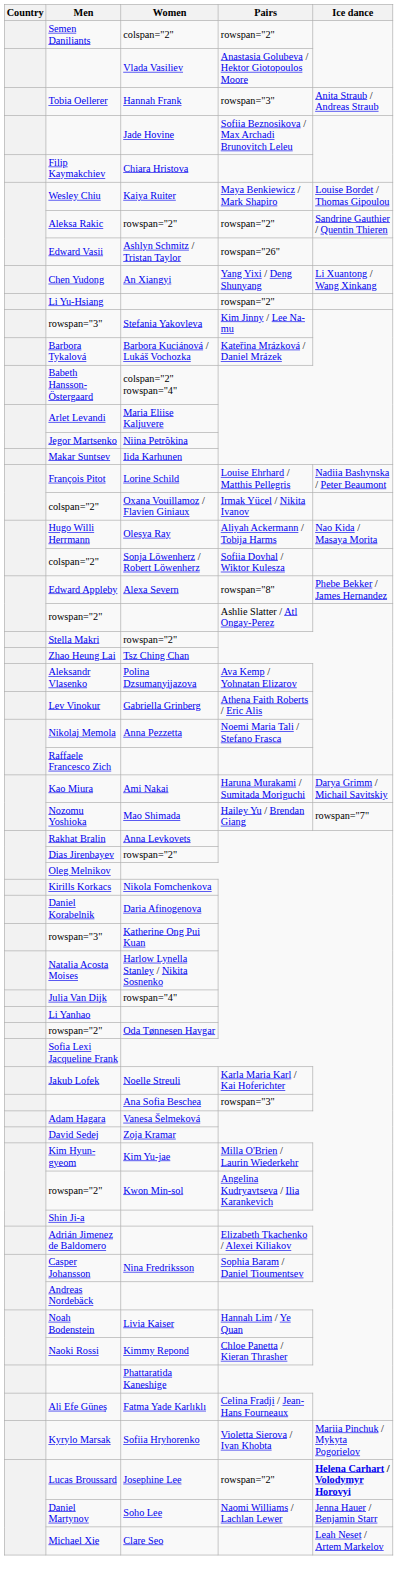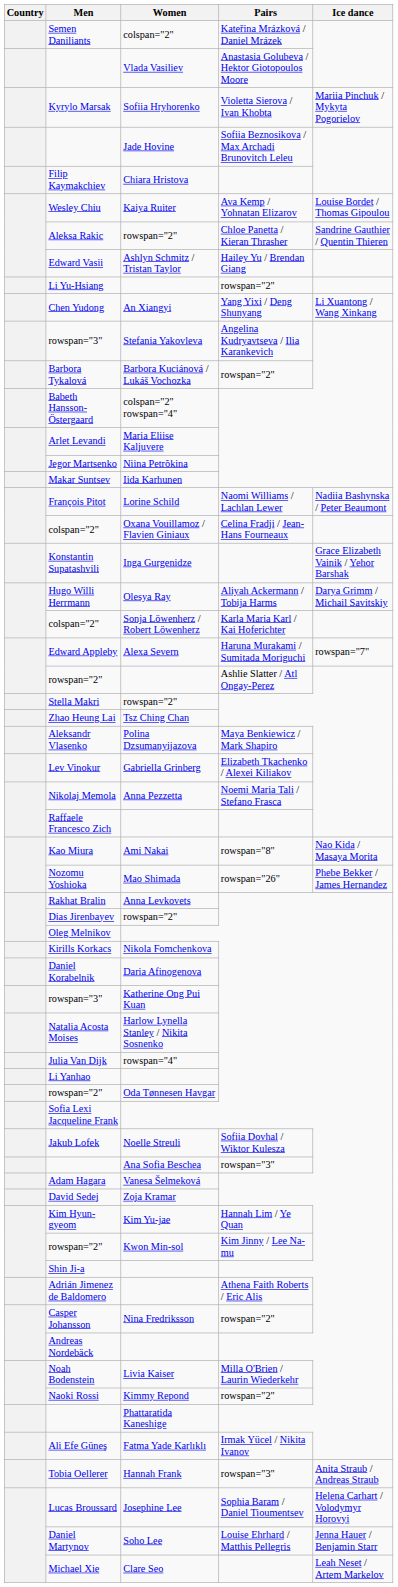 <table class="wikitable unsortable" style="text-align:left;">
 <tr>
 <th scope="col">Country</th>
 <th scope="col">Men</th>
 <th scope="col">Women</th>
 <th scope="col">Pairs</th>
 <th scope="col">Ice dance</th>
 </tr>
 <tr>
 <th scope="row" style="text-align:left"></th>
 <td><a href='#'>Semen Daniliants</a></td>
 <td>colspan="2" </td>
-<td>rowspan="2" </td>
+<td><a href='#'>Kateřina Mrázková</a> / <a href='#'>Daniel Mrázek</a></td>
 </tr>
 <tr>
 <th scope="row" style="text-align:left"></th>
 <td></td>
 <td><a href='#'>Vlada Vasiliev</a></td>
 <td><a href='#'>Anastasia Golubeva</a> / <a href='#'>Hektor Giotopoulos Moore</a></td>
 </tr>
 <tr>
 <th scope="row" style="text-align:left"></th>
-<td><a href='#'>Tobia Oellerer</a></td>
-<td><a href='#'>Hannah Frank</a></td>
-<td>rowspan="3" </td>
-<td><a href='#'>Anita Straub</a> / <a href='#'>Andreas Straub</a></td>
+<td><a href='#'>Kyrylo Marsak</a></td>
+<td><a href='#'>Sofiia Hryhorenko</a></td>
+<td><a href='#'>Violetta Sierova</a> / <a href='#'>Ivan Khobta</a></td>
+<td><a href='#'>Mariia Pinchuk</a> / <a href='#'>Mykyta Pogorielov</a></td>
 </tr>
 <tr>
 <th scope="row" style="text-align:left"></th>
 <td></td>
 <td><a href='#'>Jade Hovine</a></td>
 <td><a href='#'>Sofiia Beznosikova</a> / <a href='#'>Max Archadi Brunovitch Leleu</a></td>
 </tr>
 <tr>
 <th scope="row" style="text-align:left"></th>
 <td><a href='#'>Filip Kaymakchiev</a></td>
 <td><a href='#'>Chiara Hristova</a></td>
 <td></td>
 </tr>
 <tr>
 <th rowspan="3" scope="row" style="text-align:left"></th>
 <td><a href='#'>Wesley Chiu</a></td>
 <td><a href='#'>Kaiya Ruiter</a></td>
-<td><a href='#'>Maya Benkiewicz</a> / <a href='#'>Mark Shapiro</a></td>
+<td><a href='#'>Ava Kemp</a> / <a href='#'>Yohnatan Elizarov</a></td>
 <td><a href='#'>Louise Bordet</a> / <a href='#'>Thomas Gipoulou</a></td>
 </tr>
 <tr>
 <td><a href='#'>Aleksa Rakic</a></td>
 <td>rowspan="2" </td>
-<td>rowspan="2" </td>
+<td><a href='#'>Chloe Panetta</a> / <a href='#'>Kieran Thrasher</a></td>
 <td><a href='#'>Sandrine Gauthier</a> / <a href='#'>Quentin Thieren</a></td>
 </tr>
 <tr>
 <td><a href='#'>Edward Vasii</a></td>
 <td><a href='#'>Ashlyn Schmitz</a> / <a href='#'>Tristan Taylor</a></td>
-<td>rowspan="26" </td>
+<td><a href='#'>Hailey Yu</a> / <a href='#'>Brendan Giang</a></td>
+</tr>
+<tr>
+<th scope="row" style="text-align:left"></th>
+<td><a href='#'>Li Yu-Hsiang</a></td>
+<td></td>
+<td>rowspan="2" </td>
+<td></td>
 </tr>
 <tr>
 <th scope="row" style="text-align:left"></th>
 <td><a href='#'>Chen Yudong</a></td>
 <td><a href='#'>An Xiangyi</a></td>
 <td><a href='#'>Yang Yixi</a> / <a href='#'>Deng Shunyang</a></td>
 <td><a href='#'>Li Xuantong</a> / <a href='#'>Wang Xinkang</a></td>
 </tr>
 <tr>
 <th scope="row" style="text-align:left"></th>
-<td><a href='#'>Li Yu-Hsiang</a></td>
-<td></td>
-<td>rowspan="2" </td>
-<td></td>
-</tr>
-<tr>
-<th scope="row" style="text-align:left"></th>
 <td>rowspan="3" </td>
 <td><a href='#'>Stefania Yakovleva</a></td>
-<td><a href='#'>Kim Jinny</a> / <a href='#'>Lee Na-mu</a></td>
+<td><a href='#'>Angelina Kudryavtseva</a> / <a href='#'>Ilia Karankevich</a></td>
 </tr>
 <tr>
 <th scope="row" style="text-align:left"></th>
 <td><a href='#'>Barbora Tykalová</a></td>
 <td><a href='#'>Barbora Kuciánová</a> / <a href='#'>Lukáš Vochozka</a></td>
-<td><a href='#'>Kateřina Mrázková</a> / <a href='#'>Daniel Mrázek</a></td>
+<td>rowspan="2" </td>
 </tr>
 <tr>
 <th scope="row" style="text-align:left"></th>
 <td><a href='#'>Babeth Hansson-Östergaard</a></td>
 <td>colspan="2" rowspan="4" </td>
 </tr>
 <tr>
 <th rowspan="2" scope="row" style="text-align:left"></th>
 <td><a href='#'>Arlet Levandi</a></td>
 <td><a href='#'>Maria Eliise Kaljuvere</a></td>
 </tr>
 <tr>
 <td><a href='#'>Jegor Martsenko</a></td>
 <td><a href='#'>Niina Petrõkina</a></td>
 </tr>
 <tr>
 <th scope="row" style="text-align:left"></th>
 <td><a href='#'>Makar Suntsev</a></td>
 <td><a href='#'>Iida Karhunen</a></td>
 </tr>
 <tr>
 <th rowspan="2" scope="row" style="text-align:left"></th>
 <td><a href='#'>François Pitot</a></td>
 <td><a href='#'>Lorine Schild</a></td>
-<td><a href='#'>Louise Ehrhard</a> / <a href='#'>Matthis Pellegris</a></td>
+<td><a href='#'>Naomi Williams</a> / <a href='#'>Lachlan Lewer</a></td>
 <td><a href='#'>Nadiia Bashynska</a> / <a href='#'>Peter Beaumont</a></td>
 </tr>
 <tr>
 <td>colspan="2" </td>
 <td><a href='#'>Oxana Vouillamoz</a> / <a href='#'>Flavien Giniaux</a></td>
-<td><a href='#'>Irmak Yücel</a> / <a href='#'>Nikita Ivanov</a></td>
+<td><a href='#'>Celina Fradji</a> / <a href='#'>Jean-Hans Fourneaux</a></td>
+</tr>
+<tr>
+<th scope="row" style="text-align:left"></th>
+<td><a href='#'>Konstantin Supatashvili</a></td>
+<td><a href='#'>Inga Gurgenidze</a></td>
+<td></td>
+<td><a href='#'>Grace Elizabeth Vainik</a> / <a href='#'>Yehor Barshak</a></td>
 </tr>
 <tr>
 <th rowspan="2" scope="row" style="text-align:left"></th>
 <td><a href='#'>Hugo Willi Herrmann</a></td>
 <td><a href='#'>Olesya Ray</a></td>
 <td><a href='#'>Aliyah Ackermann</a> / <a href='#'>Tobija Harms</a></td>
-<td><a href='#'>Nao Kida</a> / <a href='#'>Masaya Morita</a></td>
+<td><a href='#'>Darya Grimm</a> / <a href='#'>Michail Savitskiy</a></td>
 </tr>
 <tr>
 <td>colspan="2" </td>
 <td><a href='#'>Sonja Löwenherz</a> / <a href='#'>Robert Löwenherz</a></td>
-<td><a href='#'>Sofiia Dovhal</a> / <a href='#'>Wiktor Kulesza</a></td>
+<td><a href='#'>Karla Maria Karl</a> / <a href='#'>Kai Hoferichter</a></td>
 </tr>
 <tr>
 <th rowspan="2" scope="row" style="text-align:left"></th>
 <td><a href='#'>Edward Appleby</a></td>
 <td><a href='#'>Alexa Severn</a></td>
-<td>rowspan="8" </td>
-<td><a href='#'>Phebe Bekker</a> / <a href='#'>James Hernandez</a></td>
+<td><a href='#'>Haruna Murakami</a> / <a href='#'>Sumitada Moriguchi</a></td>
+<td>rowspan="7" </td>
 </tr>
 <tr>
 <td>rowspan="2" </td>
 <td></td>
 <td>Ashlie Slatter / <a href='#'>Atl Ongay-Perez</a></td>
 </tr>
 <tr>
 <th scope="row" style="text-align:left"></th>
 <td><a href='#'>Stella Makri</a></td>
 <td>rowspan="2" </td>
 </tr>
 <tr>
 <th scope="row" style="text-align:left"></th>
 <td><a href='#'>Zhao Heung Lai</a></td>
 <td><a href='#'>Tsz Ching Chan</a></td>
 </tr>
 <tr>
 <th scope="row" style="text-align:left"></th>
 <td><a href='#'>Aleksandr Vlasenko</a></td>
 <td><a href='#'>Polina Dzsumanyijazova</a></td>
-<td><a href='#'>Ava Kemp</a> / <a href='#'>Yohnatan Elizarov</a></td>
+<td><a href='#'>Maya Benkiewicz</a> / <a href='#'>Mark Shapiro</a></td>
 </tr>
 <tr>
 <th scope="row" style="text-align:left"></th>
 <td><a href='#'>Lev Vinokur</a></td>
 <td><a href='#'>Gabriella Grinberg</a></td>
-<td><a href='#'>Athena Faith Roberts</a> / <a href='#'>Eric Alis</a></td>
+<td><a href='#'>Elizabeth Tkachenko</a> / <a href='#'>Alexei Kiliakov</a></td>
 </tr>
 <tr>
 <th rowspan="2" scope="row" style="text-align:left"></th>
 <td><a href='#'>Nikolaj Memola</a></td>
 <td><a href='#'>Anna Pezzetta</a></td>
 <td><a href='#'>Noemi Maria Tali</a> / <a href='#'>Stefano Frasca</a></td>
 </tr>
 <tr>
 <td><a href='#'>Raffaele Francesco Zich</a></td>
 <td></td>
 <td></td>
 </tr>
 <tr>
 <th rowspan="2" scope="row" style="text-align:left"></th>
 <td><a href='#'>Kao Miura</a></td>
 <td><a href='#'>Ami Nakai</a></td>
-<td><a href='#'>Haruna Murakami</a> / <a href='#'>Sumitada Moriguchi</a></td>
-<td><a href='#'>Darya Grimm</a> / <a href='#'>Michail Savitskiy</a></td>
+<td>rowspan="8" </td>
+<td><a href='#'>Nao Kida</a> / <a href='#'>Masaya Morita</a></td>
 </tr>
 <tr>
 <td><a href='#'>Nozomu Yoshioka</a></td>
 <td><a href='#'>Mao Shimada</a></td>
-<td><a href='#'>Hailey Yu</a> / <a href='#'>Brendan Giang</a></td>
-<td>rowspan="7" </td>
+<td>rowspan="26" </td>
+<td><a href='#'>Phebe Bekker</a> / <a href='#'>James Hernandez</a></td>
 </tr>
 <tr>
 <th rowspan="3" scope="row" style="text-align:left"></th>
 <td><a href='#'>Rakhat Bralin</a></td>
 <td><a href='#'>Anna Levkovets</a></td>
 </tr>
 <tr>
 <td><a href='#'>Dias Jirenbayev</a></td>
 <td>rowspan="2" </td>
 </tr>
 <tr>
 <td><a href='#'>Oleg Melnikov</a></td>
 </tr>
 <tr>
 <th scope="row" style="text-align:left"></th>
 <td><a href='#'>Kirills Korkacs</a></td>
 <td><a href='#'>Nikola Fomchenkova</a></td>
 </tr>
 <tr>
 <th scope="row" style="text-align:left"></th>
 <td><a href='#'>Daniel Korabelnik</a></td>
 <td><a href='#'>Daria Afinogenova</a></td>
 </tr>
 <tr>
 <th scope="row" style="text-align:left"></th>
 <td>rowspan="3" </td>
 <td><a href='#'>Katherine Ong Pui Kuan</a></td>
 </tr>
 <tr>
 <th scope="row" style="text-align:left"></th>
 <td><a href='#'>Natalia Acosta Moises</a></td>
 <td><a href='#'>Harlow Lynella Stanley</a> / <a href='#'>Nikita Sosnenko</a></td>
 </tr>
 <tr>
 <th scope="row" style="text-align:left"></th>
 <td><a href='#'>Julia Van Dijk</a></td>
 <td>rowspan="4" </td>
 </tr>
 <tr>
 <th scope="row" style="text-align:left"></th>
 <td><a href='#'>Li Yanhao</a></td>
 <td></td>
 </tr>
 <tr>
 <th scope="row" style="text-align:left"></th>
 <td>rowspan="2" </td>
 <td><a href='#'>Oda Tønnesen Havgar</a></td>
 </tr>
 <tr>
 <th scope="row" style="text-align:left"></th>
 <td><a href='#'>Sofia Lexi Jacqueline Frank</a></td>
 </tr>
 <tr>
 <th scope="row" style="text-align:left"></th>
 <td><a href='#'>Jakub Lofek</a></td>
 <td><a href='#'>Noelle Streuli</a></td>
-<td><a href='#'>Karla Maria Karl</a> / <a href='#'>Kai Hoferichter</a></td>
+<td><a href='#'>Sofiia Dovhal</a> / <a href='#'>Wiktor Kulesza</a></td>
 </tr>
 <tr>
 <th scope="row" style="text-align:left"></th>
 <td></td>
 <td><a href='#'>Ana Sofia Beschea</a></td>
 <td>rowspan="3" </td>
 </tr>
 <tr>
 <th scope="row" style="text-align:left"></th>
 <td><a href='#'>Adam Hagara</a></td>
 <td><a href='#'>Vanesa Šelmeková</a></td>
 </tr>
 <tr>
 <th scope="row" style="text-align:left"></th>
 <td><a href='#'>David Sedej</a></td>
 <td><a href='#'>Zoja Kramar</a></td>
 </tr>
 <tr>
 <th rowspan="3" scope="row" style="text-align:left"></th>
 <td><a href='#'>Kim Hyun-gyeom</a></td>
 <td><a href='#'>Kim Yu-jae</a></td>
-<td><a href='#'>Milla O'Brien</a> / <a href='#'>Laurin Wiederkehr</a></td>
+<td><a href='#'>Hannah Lim</a> / <a href='#'>Ye Quan</a></td>
 </tr>
 <tr>
 <td>rowspan="2" </td>
 <td><a href='#'>Kwon Min-sol</a></td>
-<td><a href='#'>Angelina Kudryavtseva</a> / <a href='#'>Ilia Karankevich</a></td>
+<td><a href='#'>Kim Jinny</a> / <a href='#'>Lee Na-mu</a></td>
 </tr>
 <tr>
 <td><a href='#'>Shin Ji-a</a></td>
 <td></td>
 </tr>
 <tr>
 <th scope="row" style="text-align:left"></th>
 <td><a href='#'>Adrián Jimenez de Baldomero</a></td>
 <td></td>
-<td><a href='#'>Elizabeth Tkachenko</a> / <a href='#'>Alexei Kiliakov</a></td>
+<td><a href='#'>Athena Faith Roberts</a> / <a href='#'>Eric Alis</a></td>
 </tr>
 <tr>
 <th rowspan="2" scope="row" style="text-align:left"></th>
 <td><a href='#'>Casper Johansson</a></td>
 <td><a href='#'>Nina Fredriksson</a></td>
-<td><a href='#'>Sophia Baram</a> / <a href='#'>Daniel Tioumentsev</a></td>
+<td>rowspan="2" </td>
 </tr>
 <tr>
 <td><a href='#'>Andreas Nordebäck</a></td>
 <td></td>
 </tr>
 <tr>
 <th rowspan="2" scope="row" style="text-align:left"></th>
 <td><a href='#'>Noah Bodenstein</a></td>
 <td><a href='#'>Livia Kaiser</a></td>
-<td><a href='#'>Hannah Lim</a> / <a href='#'>Ye Quan</a></td>
+<td><a href='#'>Milla O'Brien</a> / <a href='#'>Laurin Wiederkehr</a></td>
 </tr>
 <tr>
 <td><a href='#'>Naoki Rossi</a></td>
 <td><a href='#'>Kimmy Repond</a></td>
-<td><a href='#'>Chloe Panetta</a> / <a href='#'>Kieran Thrasher</a></td>
+<td>rowspan="2" </td>
 </tr>
 <tr>
 <th scope="row" style="text-align:left"></th>
 <td></td>
 <td><a href='#'>Phattaratida Kaneshige</a></td>
 </tr>
 <tr>
 <th scope="row" style="text-align:left"></th>
 <td><a href='#'>Ali Efe Güneş</a></td>
 <td><a href='#'>Fatma Yade Karlıklı</a></td>
-<td><a href='#'>Celina Fradji</a> / <a href='#'>Jean-Hans Fourneaux</a></td>
+<td><a href='#'>Irmak Yücel</a> / <a href='#'>Nikita Ivanov</a></td>
 </tr>
 <tr>
 <th scope="row" style="text-align:left"></th>
-<td><a href='#'>Kyrylo Marsak</a></td>
-<td><a href='#'>Sofiia Hryhorenko</a></td>
-<td><a href='#'>Violetta Sierova</a> / <a href='#'>Ivan Khobta</a></td>
-<td><a href='#'>Mariia Pinchuk</a> / <a href='#'>Mykyta Pogorielov</a></td>
+<td><a href='#'>Tobia Oellerer</a></td>
+<td><a href='#'>Hannah Frank</a></td>
+<td>rowspan="3" </td>
+<td><a href='#'>Anita Straub</a> / <a href='#'>Andreas Straub</a></td>
 </tr>
 <tr>
 <th rowspan="3" scope="row" style="text-align:left"></th>
 <td><a href='#'>Lucas Broussard</a></td>
 <td><a href='#'>Josephine Lee</a></td>
-<td>rowspan="2" </td>
-<td><strong><a href='#'>Helena Carhart</a> / <a href='#'>Volodymyr Horovyi</a></strong></td>
+<td><a href='#'>Sophia Baram</a> / <a href='#'>Daniel Tioumentsev</a></td>
+<td><a href='#'>Helena Carhart</a> / <a href='#'>Volodymyr Horovyi</a></td>
 </tr>
 <tr>
 <td><a href='#'>Daniel Martynov</a></td>
 <td><a href='#'>Soho Lee</a></td>
-<td><a href='#'>Naomi Williams</a> / <a href='#'>Lachlan Lewer</a></td>
+<td><a href='#'>Louise Ehrhard</a> / <a href='#'>Matthis Pellegris</a></td>
 <td><a href='#'>Jenna Hauer</a> / <a href='#'>Benjamin Starr</a></td>
 </tr>
 <tr>
 <td><a href='#'>Michael Xie</a></td>
 <td><a href='#'>Clare Seo</a></td>
 <td></td>
 <td><a href='#'>Leah Neset</a> / <a href='#'>Artem Markelov</a></td>
 </tr>
 </table>
